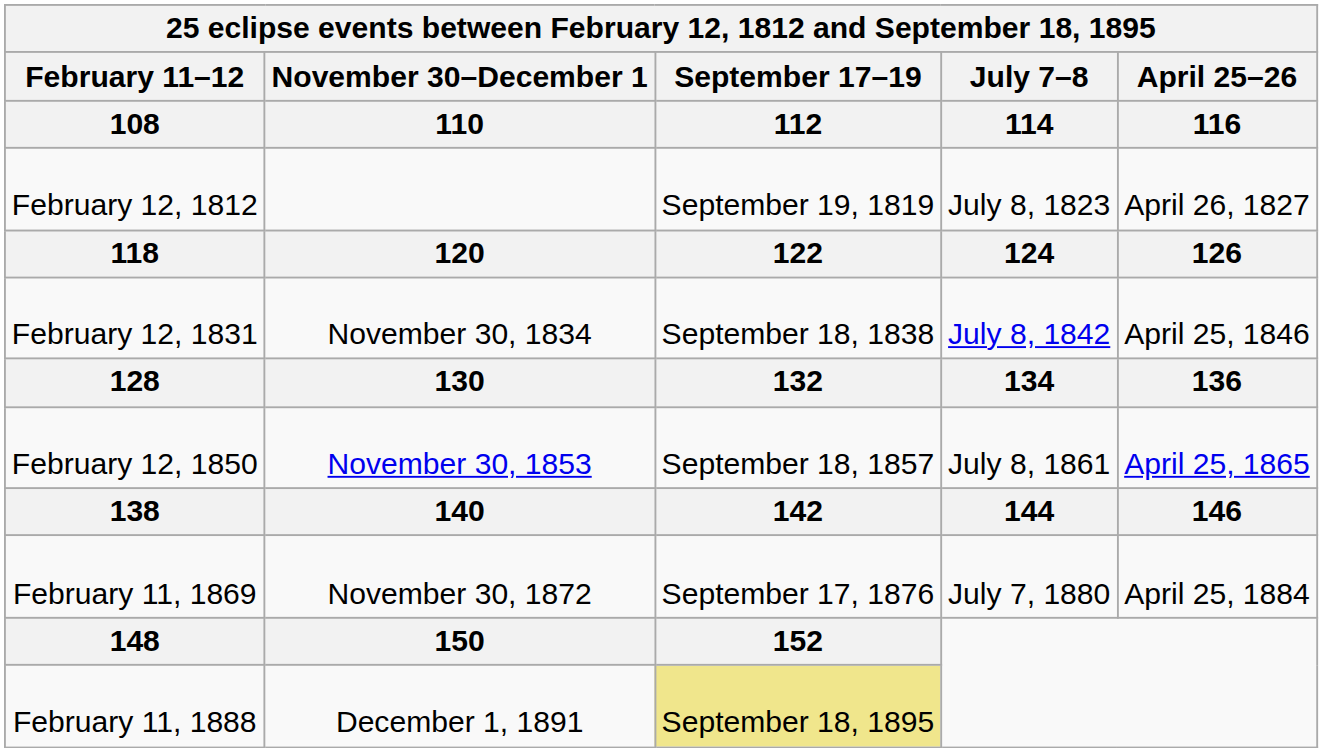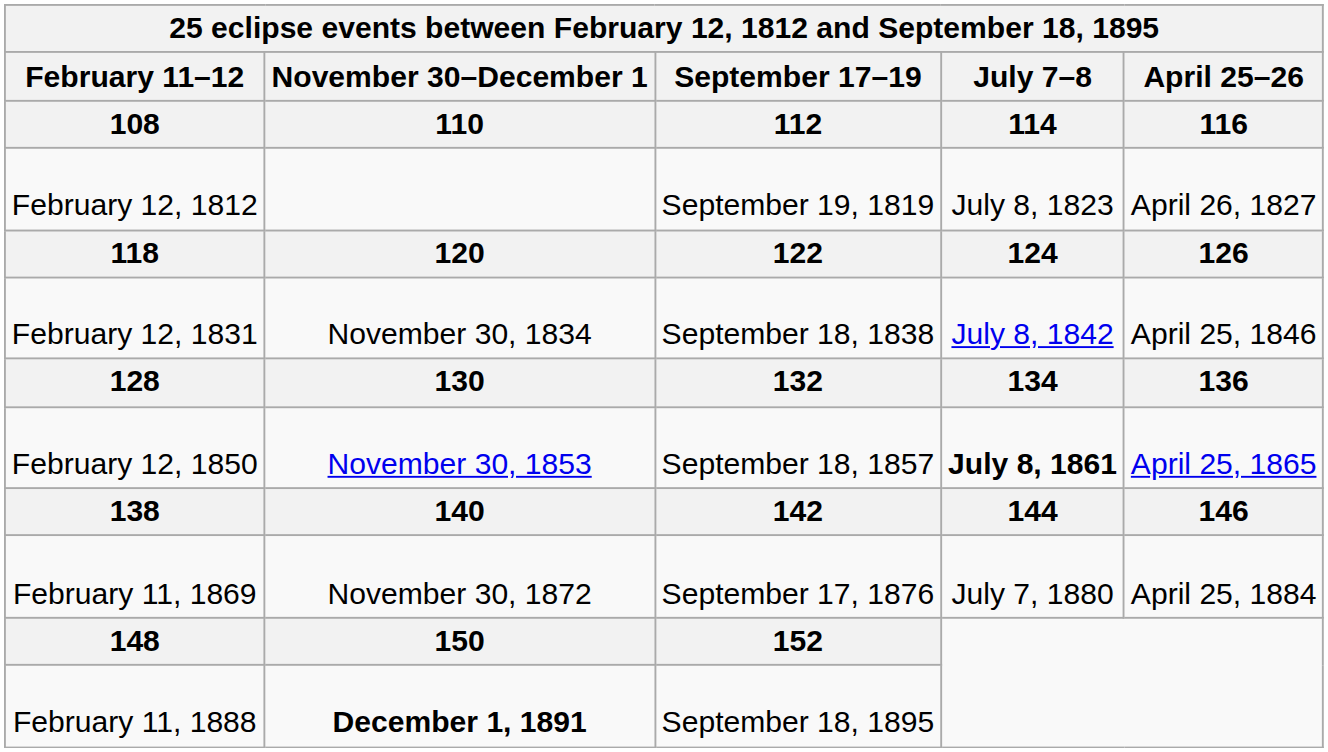 <table class="wikitable mw-collapsible mw-collapsed">
 <tr>
 <th colspan=5>25 eclipse events between February 12, 1812 and September 18, 1895</th>
 </tr>
 <tr>
 <th>February 11–12</th>
 <th>November 30–December 1</th>
 <th>September 17–19</th>
 <th>July 7–8</th>
 <th>April 25–26</th>
 </tr>
 <tr>
 <th>108</th>
 <th>110</th>
 <th>112</th>
 <th>114</th>
 <th>116</th>
 </tr>
 <tr style="text-align:center;">
 <td><br>February 12, 1812</td>
 <td></td>
 <td><br>September 19, 1819</td>
 <td><br>July 8, 1823</td>
 <td><br>April 26, 1827</td>
 </tr>
 <tr>
 <th>118</th>
 <th>120</th>
 <th>122</th>
 <th>124</th>
 <th>126</th>
 </tr>
 <tr style="text-align:center;">
 <td><br>February 12, 1831</td>
 <td><br>November 30, 1834</td>
 <td><br>September 18, 1838</td>
 <td><br><a href='#'>July 8, 1842</a></td>
 <td><br>April 25, 1846</td>
 </tr>
 <tr>
 <th>128</th>
 <th>130</th>
 <th>132</th>
 <th>134</th>
 <th>136</th>
 </tr>
 <tr style="text-align:center;">
 <td><br>February 12, 1850</td>
 <td><br><a href='#'>November 30, 1853</a></td>
 <td><br>September 18, 1857</td>
-<td><br>July 8, 1861</td>
+<td><strong><br>July 8, 1861</strong></td>
 <td><br><a href='#'>April 25, 1865</a></td>
 </tr>
 <tr>
 <th>138</th>
 <th>140</th>
 <th>142</th>
 <th>144</th>
 <th>146</th>
 </tr>
 <tr style="text-align:center;">
 <td><br>February 11, 1869</td>
 <td><br>November 30, 1872</td>
 <td><br>September 17, 1876</td>
 <td><br>July 7, 1880</td>
 <td><br>April 25, 1884</td>
 </tr>
 <tr>
 <th>148</th>
 <th>150</th>
 <th>152</th>
 </tr>
 <tr style="text-align:center;">
 <td><br>February 11, 1888</td>
-<td><br>December 1, 1891</td>
-<td style="background: khaki;"><br>September 18, 1895</td>
+<td><strong><br>December 1, 1891</strong></td>
+<td><br>September 18, 1895</td>
 </tr>
 </table>
